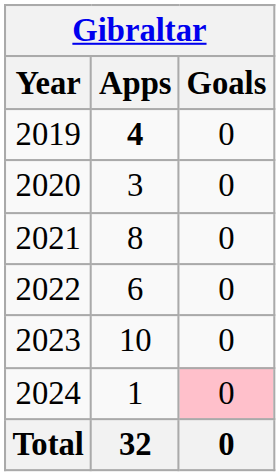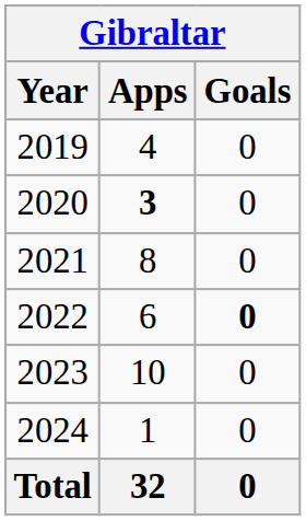 <table class="wikitable" style="text-align:center">
 <tr>
 <th colspan=3><a href='#'>Gibraltar</a></th>
 </tr>
 <tr>
 <th>Year</th>
 <th>Apps</th>
 <th>Goals</th>
 </tr>
 <tr>
 <td>2019</td>
-<td><strong>4</strong></td>
+<td>4</td>
 <td>0</td>
 </tr>
 <tr>
 <td>2020</td>
-<td>3</td>
+<td><strong>3</strong></td>
 <td>0</td>
 </tr>
 <tr>
 <td>2021</td>
 <td>8</td>
 <td>0</td>
 </tr>
 <tr>
 <td>2022</td>
 <td>6</td>
-<td>0</td>
+<td><strong>0</strong></td>
 </tr>
 <tr>
 <td>2023</td>
 <td>10</td>
 <td>0</td>
 </tr>
 <tr>
 <td>2024</td>
 <td>1</td>
-<td style="background: pink;">0</td>
+<td>0</td>
 </tr>
 <tr>
 <th>Total</th>
 <th>32</th>
 <th>0</th>
 </tr>
 </table>
